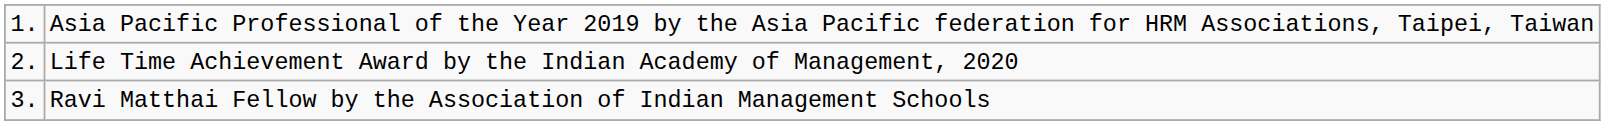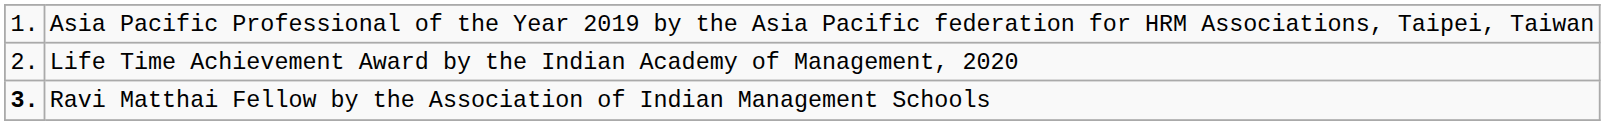 <table class="wikitable">
 <tr>
 <td>1.</td>
 <td>Asia Pacific Professional of the Year 2019 by the Asia Pacific federation for HRM Associations, Taipei, Taiwan</td>
 </tr>
 <tr>
 <td>2.</td>
 <td>Life Time Achievement Award by the Indian Academy of Management, 2020</td>
 </tr>
 <tr>
-<td>3.</td>
+<td><strong>3.</strong></td>
 <td>Ravi Matthai Fellow by the Association of Indian Management Schools</td>
 </tr>
 </table>
